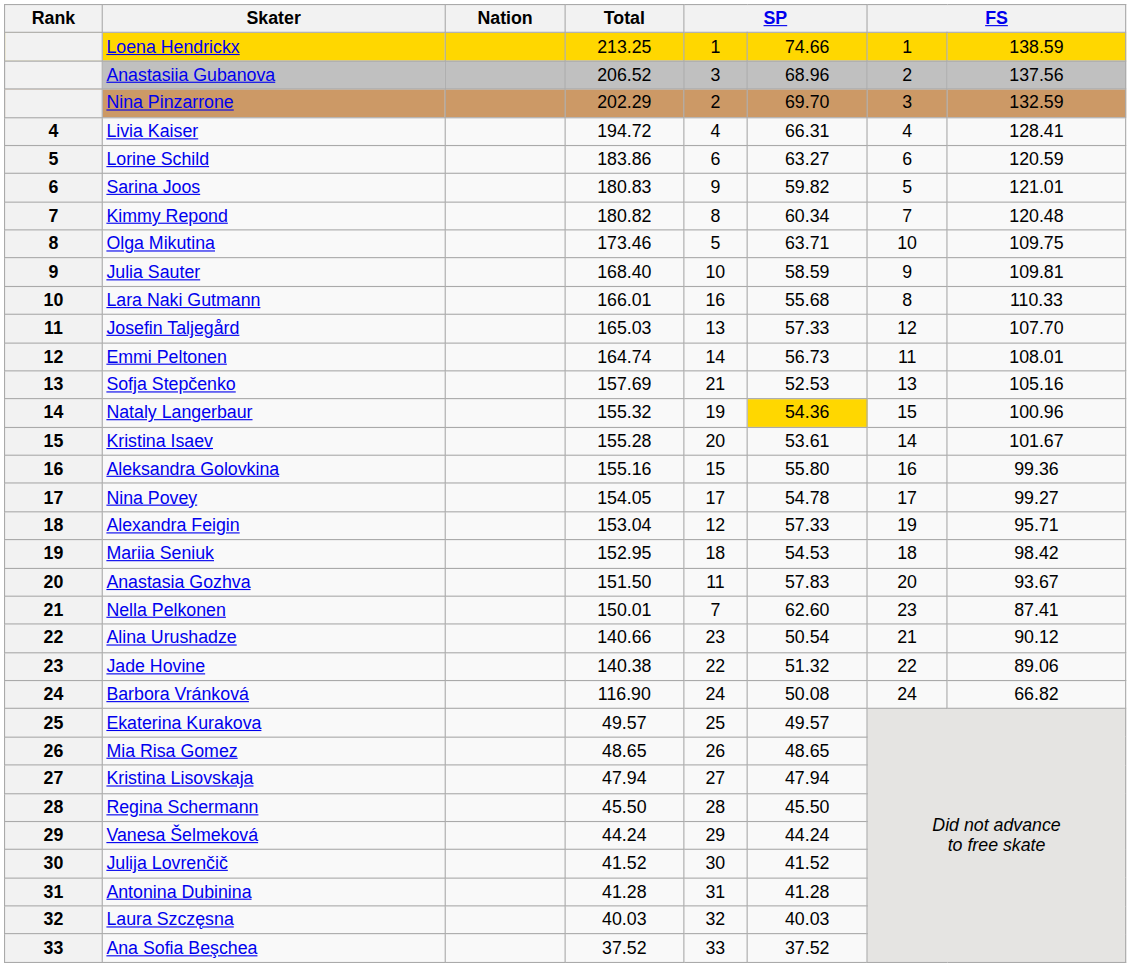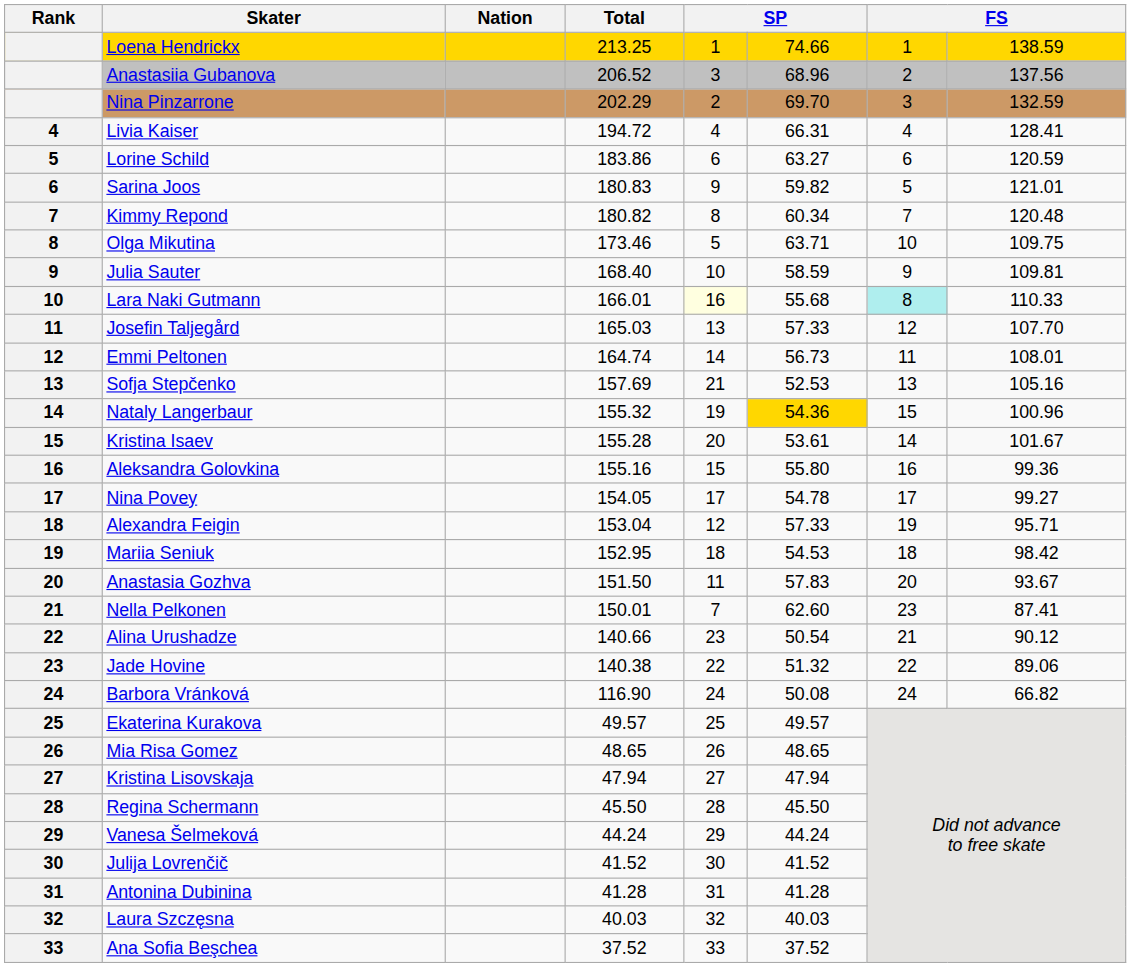 <table class="wikitable sortable" style="text-align:center; width:80%">
 <tr>
 <th scope="col">Rank</th>
 <th scope="col">Skater</th>
 <th scope="col">Nation</th>
 <th scope="col">Total</th>
 <th scope="col" colspan="2" width="80px"><a href='#'>SP</a></th>
 <th scope="col" colspan="2" width="80px"><a href='#'>FS</a></th>
 </tr>
 <tr bgcolor="gold">
 <th scope="row"></th>
 <td align="left"><a href='#'>Loena Hendrickx</a></td>
 <td align="left"></td>
 <td>213.25</td>
 <td>1</td>
 <td>74.66</td>
 <td>1</td>
 <td>138.59</td>
 </tr>
 <tr bgcolor="silver">
 <th scope="row"></th>
 <td align="left"><a href='#'>Anastasiia Gubanova</a></td>
 <td align="left"></td>
 <td>206.52</td>
 <td>3</td>
 <td>68.96</td>
 <td>2</td>
 <td>137.56</td>
 </tr>
 <tr bgcolor="#cc9966">
 <th scope="row"></th>
 <td align="left"><a href='#'>Nina Pinzarrone</a></td>
 <td align="left"></td>
 <td>202.29</td>
 <td>2</td>
 <td>69.70</td>
 <td>3</td>
 <td>132.59</td>
 </tr>
 <tr>
 <th scope="row">4</th>
 <td align="left"><a href='#'>Livia Kaiser</a></td>
 <td align="left"></td>
 <td>194.72</td>
 <td>4</td>
 <td>66.31</td>
 <td>4</td>
 <td>128.41</td>
 </tr>
 <tr>
 <th scope="row">5</th>
 <td align="left"><a href='#'>Lorine Schild</a></td>
 <td align="left"></td>
 <td>183.86</td>
 <td>6</td>
 <td>63.27</td>
 <td>6</td>
 <td>120.59</td>
 </tr>
 <tr>
 <th scope="row">6</th>
 <td align="left"><a href='#'>Sarina Joos</a></td>
 <td align="left"></td>
 <td>180.83</td>
 <td>9</td>
 <td>59.82</td>
 <td>5</td>
 <td>121.01</td>
 </tr>
 <tr>
 <th scope="row">7</th>
 <td align="left"><a href='#'>Kimmy Repond</a></td>
 <td align="left"></td>
 <td>180.82</td>
 <td>8</td>
 <td>60.34</td>
 <td>7</td>
 <td>120.48</td>
 </tr>
 <tr>
 <th scope="row">8</th>
 <td align="left"><a href='#'>Olga Mikutina</a></td>
 <td align="left"></td>
 <td>173.46</td>
 <td>5</td>
 <td>63.71</td>
 <td>10</td>
 <td>109.75</td>
 </tr>
 <tr>
 <th scope="row">9</th>
 <td align="left"><a href='#'>Julia Sauter</a></td>
 <td align="left"></td>
 <td>168.40</td>
 <td>10</td>
 <td>58.59</td>
 <td>9</td>
 <td>109.81</td>
 </tr>
 <tr>
 <th scope="row">10</th>
 <td align="left"><a href='#'>Lara Naki Gutmann</a></td>
 <td align="left"></td>
 <td>166.01</td>
-<td>16</td>
+<td style="background: lightyellow;">16</td>
 <td>55.68</td>
-<td>8</td>
+<td style="background: paleturquoise;">8</td>
 <td>110.33</td>
 </tr>
 <tr>
 <th scope="row">11</th>
 <td align="left"><a href='#'>Josefin Taljegård</a></td>
 <td align="left"></td>
 <td>165.03</td>
 <td>13</td>
 <td>57.33</td>
 <td>12</td>
 <td>107.70</td>
 </tr>
 <tr>
 <th scope="row">12</th>
 <td align="left"><a href='#'>Emmi Peltonen</a></td>
 <td align="left"></td>
 <td>164.74</td>
 <td>14</td>
 <td>56.73</td>
 <td>11</td>
 <td>108.01</td>
 </tr>
 <tr>
 <th scope="row">13</th>
 <td align="left"><a href='#'>Sofja Stepčenko</a></td>
 <td align="left"></td>
 <td>157.69</td>
 <td>21</td>
 <td>52.53</td>
 <td>13</td>
 <td>105.16</td>
 </tr>
 <tr>
 <th scope="row">14</th>
 <td align="left"><a href='#'>Nataly Langerbaur</a></td>
 <td align="left"></td>
 <td>155.32</td>
 <td>19</td>
 <td style="background: gold;">54.36</td>
 <td>15</td>
 <td>100.96</td>
 </tr>
 <tr>
 <th scope="row">15</th>
 <td align="left"><a href='#'>Kristina Isaev</a></td>
 <td align="left"></td>
 <td>155.28</td>
 <td>20</td>
 <td>53.61</td>
 <td>14</td>
 <td>101.67</td>
 </tr>
 <tr>
 <th scope="row">16</th>
 <td align="left"><a href='#'>Aleksandra Golovkina</a></td>
 <td align="left"></td>
 <td>155.16</td>
 <td>15</td>
 <td>55.80</td>
 <td>16</td>
 <td>99.36</td>
 </tr>
 <tr>
 <th scope="row">17</th>
 <td align="left"><a href='#'>Nina Povey</a></td>
 <td align="left"></td>
 <td>154.05</td>
 <td>17</td>
 <td>54.78</td>
 <td>17</td>
 <td>99.27</td>
 </tr>
 <tr>
 <th scope="row">18</th>
 <td align="left"><a href='#'>Alexandra Feigin</a></td>
 <td align="left"></td>
 <td>153.04</td>
 <td>12</td>
 <td>57.33</td>
 <td>19</td>
 <td>95.71</td>
 </tr>
 <tr>
 <th scope="row">19</th>
 <td align="left"><a href='#'>Mariia Seniuk</a></td>
 <td align="left"></td>
 <td>152.95</td>
 <td>18</td>
 <td>54.53</td>
 <td>18</td>
 <td>98.42</td>
 </tr>
 <tr>
 <th scope="row">20</th>
 <td align="left"><a href='#'>Anastasia Gozhva</a></td>
 <td align="left"></td>
 <td>151.50</td>
 <td>11</td>
 <td>57.83</td>
 <td>20</td>
 <td>93.67</td>
 </tr>
 <tr>
 <th scope="row">21</th>
 <td align="left"><a href='#'>Nella Pelkonen</a></td>
 <td align="left"></td>
 <td>150.01</td>
 <td>7</td>
 <td>62.60</td>
 <td>23</td>
 <td>87.41</td>
 </tr>
 <tr>
 <th scope="row">22</th>
 <td align="left"><a href='#'>Alina Urushadze</a></td>
 <td align="left"></td>
 <td>140.66</td>
 <td>23</td>
 <td>50.54</td>
 <td>21</td>
 <td>90.12</td>
 </tr>
 <tr>
 <th scope="row">23</th>
 <td align="left"><a href='#'>Jade Hovine</a></td>
 <td align="left"></td>
 <td>140.38</td>
 <td>22</td>
 <td>51.32</td>
 <td>22</td>
 <td>89.06</td>
 </tr>
 <tr>
 <th scope="row">24</th>
 <td align="left"><a href='#'>Barbora Vránková</a></td>
 <td align="left"></td>
 <td>116.90</td>
 <td>24</td>
 <td>50.08</td>
 <td>24</td>
 <td>66.82</td>
 </tr>
 <tr>
 <th scope="row">25</th>
 <td align="left"><a href='#'>Ekaterina Kurakova</a></td>
 <td align="left"></td>
 <td>49.57</td>
 <td>25</td>
 <td>49.57</td>
 <td colspan="2" rowspan="9" bgcolor="e5e4e2"><em>Did not advance<br>to free skate</em></td>
 </tr>
 <tr>
 <th scope="row">26</th>
 <td align="left"><a href='#'>Mia Risa Gomez</a></td>
 <td align="left"></td>
 <td>48.65</td>
 <td>26</td>
 <td>48.65</td>
 </tr>
 <tr>
 <th scope="row">27</th>
 <td align="left"><a href='#'>Kristina Lisovskaja</a></td>
 <td align="left"></td>
 <td>47.94</td>
 <td>27</td>
 <td>47.94</td>
 </tr>
 <tr>
 <th scope="row">28</th>
 <td align="left"><a href='#'>Regina Schermann</a></td>
 <td align="left"></td>
 <td>45.50</td>
 <td>28</td>
 <td>45.50</td>
 </tr>
 <tr>
 <th scope="row">29</th>
 <td align="left"><a href='#'>Vanesa Šelmeková</a></td>
 <td align="left"></td>
 <td>44.24</td>
 <td>29</td>
 <td>44.24</td>
 </tr>
 <tr>
 <th scope="row">30</th>
 <td align="left"><a href='#'>Julija Lovrenčič</a></td>
 <td align="left"></td>
 <td>41.52</td>
 <td>30</td>
 <td>41.52</td>
 </tr>
 <tr>
 <th scope="row">31</th>
 <td align="left"><a href='#'>Antonina Dubinina</a></td>
 <td align="left"></td>
 <td>41.28</td>
 <td>31</td>
 <td>41.28</td>
 </tr>
 <tr>
 <th scope="row">32</th>
 <td align="left"><a href='#'>Laura Szczęsna</a></td>
 <td align="left"></td>
 <td>40.03</td>
 <td>32</td>
 <td>40.03</td>
 </tr>
 <tr>
 <th scope="row">33</th>
 <td align="left"><a href='#'>Ana Sofia Beşchea</a></td>
 <td align="left"></td>
 <td>37.52</td>
 <td>33</td>
 <td>37.52</td>
 </tr>
 </table>
